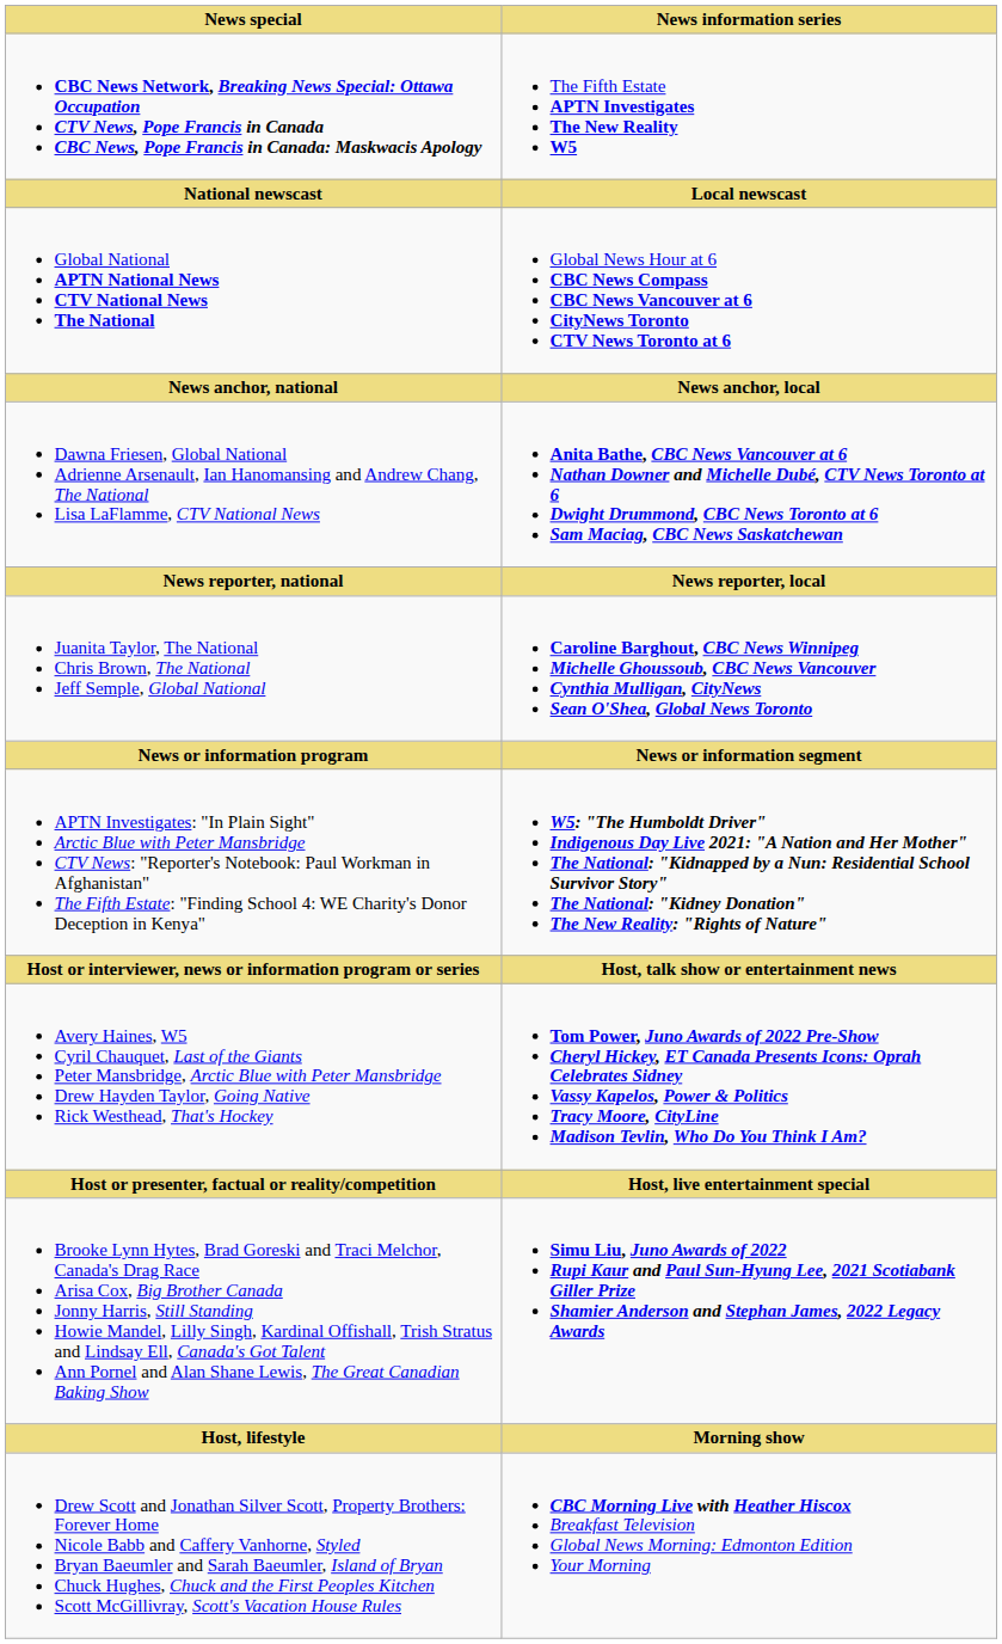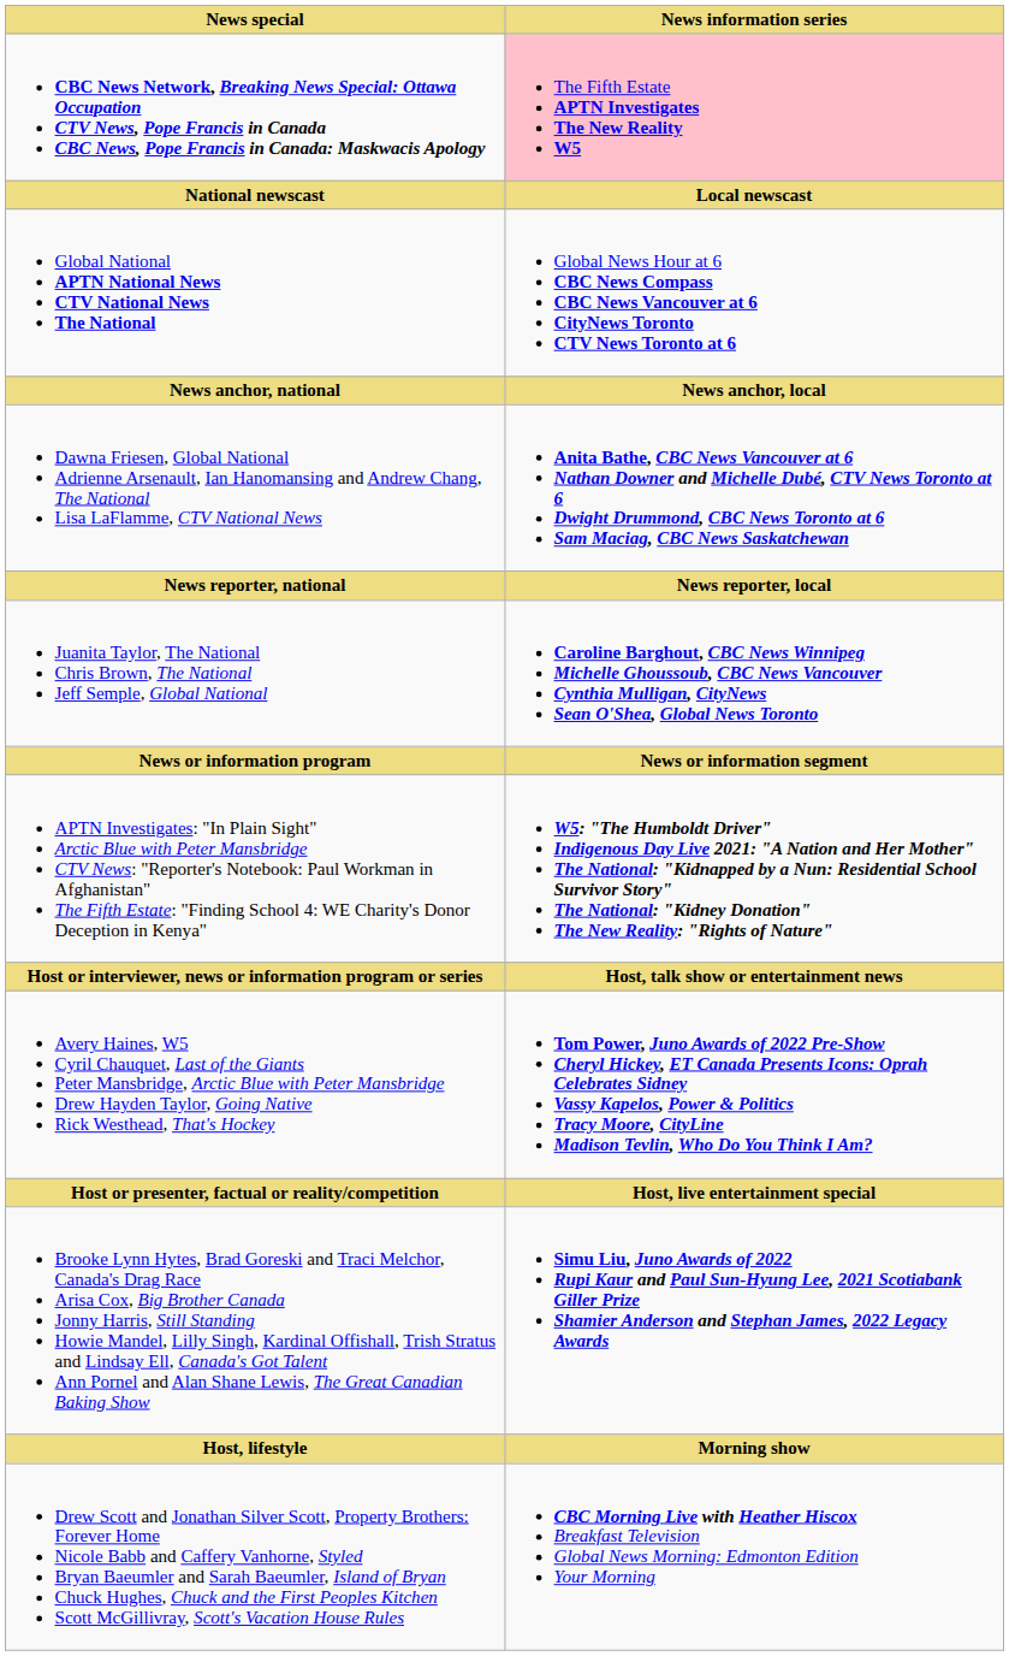 <table class=wikitable width="100%">
 <tr>
 <th style="background:#EEDD82; width:50%">News special</th>
 <th style="background:#EEDD82; width:50%">News information series</th>
 </tr>
 <tr>
 <td valign="top"><br><ul><li> <strong><a href='#'>CBC News Network</a>, <em><a href='#'>Breaking News Special: Ottawa Occupation</a><strong><em></li><li><a href='#'>CTV News</a>, </em><a href='#'>Pope Francis</a> in Canada<em></li><li><a href='#'>CBC News</a>, </em><a href='#'>Pope Francis</a> in Canada: Maskwacis Apology<em></li></ul></td>
-<td valign="top"><br><ul><li> </em></strong><a href='#'>The Fifth Estate</a><strong><em></li><li></em><a href='#'>APTN Investigates</a><em></li><li></em><a href='#'>The New Reality</a><em></li><li></em><a href='#'>W5</a><em></li></ul></td>
+<td valign="top" style="background: pink;"><br><ul><li> </em></strong><a href='#'>The Fifth Estate</a><strong><em></li><li></em><a href='#'>APTN Investigates</a><em></li><li></em><a href='#'>The New Reality</a><em></li><li></em><a href='#'>W5</a><em></li></ul></td>
 </tr>
 <tr>
 <th style="background:#EEDD82; width:50%">National newscast</th>
 <th style="background:#EEDD82; width:50%">Local newscast</th>
 </tr>
 <tr>
 <td valign="top"><br><ul><li> </em></strong><a href='#'>Global National</a><strong><em></li><li></em><a href='#'>APTN National News</a><em></li><li></em><a href='#'>CTV National News</a><em></li><li></em><a href='#'>The National</a><em></li></ul></td>
 <td valign="top"><br><ul><li> </em></strong><a href='#'>Global News Hour at 6</a><strong><em></li><li></em><a href='#'>CBC News Compass</a><em></li><li></em><a href='#'>CBC News Vancouver at 6</a><em></li><li></em><a href='#'>CityNews Toronto</a><em></li><li></em><a href='#'>CTV News Toronto at 6</a><em></li></ul></td>
 </tr>
 <tr>
 <th style="background:#EEDD82; width:50%">News anchor, national</th>
 <th style="background:#EEDD82; width:50%">News anchor, local</th>
 </tr>
 <tr>
 <td valign="top"><br><ul><li> </strong><a href='#'>Dawna Friesen</a>, </em><a href='#'>Global National</a></em></strong></li><li><a href='#'>Adrienne Arsenault</a>, <a href='#'>Ian Hanomansing</a> and <a href='#'>Andrew Chang</a>, <em><a href='#'>The National</a></em></li><li><a href='#'>Lisa LaFlamme</a>, <em><a href='#'>CTV National News</a></em></li></ul></td>
 <td valign="top"><br><ul><li> <strong><a href='#'>Anita Bathe</a>, <em><a href='#'>CBC News Vancouver at 6</a><strong><em></li><li><a href='#'>Nathan Downer</a> and <a href='#'>Michelle Dubé</a>, </em><a href='#'>CTV News Toronto at 6</a><em></li><li><a href='#'>Dwight Drummond</a>, </em><a href='#'>CBC News Toronto at 6</a><em></li><li><a href='#'>Sam Maciag</a>, </em><a href='#'>CBC News Saskatchewan</a><em></li></ul></td>
 </tr>
 <tr>
 <th style="background:#EEDD82; width:50%">News reporter, national</th>
 <th style="background:#EEDD82; width:50%">News reporter, local</th>
 </tr>
 <tr>
 <td valign="top"><br><ul><li> </strong><a href='#'>Juanita Taylor</a>, </em><a href='#'>The National</a></em></strong></li><li><a href='#'>Chris Brown</a>, <em><a href='#'>The National</a></em></li><li><a href='#'>Jeff Semple</a>, <em><a href='#'>Global National</a></em></li></ul></td>
 <td valign="top"><br><ul><li> <strong><a href='#'>Caroline Barghout</a>, <em><a href='#'>CBC News Winnipeg</a><strong><em></li><li><a href='#'>Michelle Ghoussoub</a>, </em><a href='#'>CBC News Vancouver</a><em></li><li><a href='#'>Cynthia Mulligan</a>, </em><a href='#'>CityNews</a><em></li><li><a href='#'>Sean O'Shea</a>, </em><a href='#'>Global News Toronto</a><em></li></ul></td>
 </tr>
 <tr>
 <th style="background:#EEDD82; width:50%">News or information program</th>
 <th style="background:#EEDD82; width:50%">News or information segment</th>
 </tr>
 <tr>
 <td valign="top"><br><ul><li> </em></strong><a href='#'>APTN Investigates</a></em>: "In Plain Sight"</strong></li><li><em><a href='#'>Arctic Blue with Peter Mansbridge</a></em></li><li><em><a href='#'>CTV News</a></em>: "Reporter's Notebook: Paul Workman in Afghanistan"</li><li><em><a href='#'>The Fifth Estate</a></em>: "Finding School 4: WE Charity's Donor Deception in Kenya"</li></ul></td>
 <td valign="top"><br><ul><li> <strong><em><a href='#'>W5</a><em>: "The Humboldt Driver"<strong></li><li></em><a href='#'>Indigenous Day Live</a> 2021<em>: "A Nation and Her Mother"</li><li></em><a href='#'>The National</a><em>: "Kidnapped by a Nun: Residential School Survivor Story"</li><li></em><a href='#'>The National</a><em>: "Kidney Donation"</li><li></em><a href='#'>The New Reality</a><em>: "Rights of Nature"</li></ul></td>
 </tr>
 <tr>
 <th style="background:#EEDD82; width:50%">Host or interviewer, news or information program or series</th>
 <th style="background:#EEDD82; width:50%">Host, talk show or entertainment news</th>
 </tr>
 <tr>
 <td valign="top"><br><ul><li> </strong><a href='#'>Avery Haines</a>, </em><a href='#'>W5</a></em></strong></li><li><a href='#'>Cyril Chauquet</a>, <em><a href='#'>Last of the Giants</a></em></li><li><a href='#'>Peter Mansbridge</a>, <em><a href='#'>Arctic Blue with Peter Mansbridge</a></em></li><li><a href='#'>Drew Hayden Taylor</a>, <em><a href='#'>Going Native</a></em></li><li><a href='#'>Rick Westhead</a>, <em><a href='#'>That's Hockey</a></em></li></ul></td>
 <td valign="top"><br><ul><li> <strong><a href='#'>Tom Power</a>, <em><a href='#'>Juno Awards of 2022 Pre-Show</a><strong><em></li><li><a href='#'>Cheryl Hickey</a>, </em><a href='#'>ET Canada Presents Icons: Oprah Celebrates Sidney</a><em></li><li><a href='#'>Vassy Kapelos</a>, </em><a href='#'>Power & Politics</a><em></li><li><a href='#'>Tracy Moore</a>, </em><a href='#'>CityLine</a><em></li><li><a href='#'>Madison Tevlin</a>, </em><a href='#'>Who Do You Think I Am?</a><em></li></ul></td>
 </tr>
 <tr>
 <th style="background:#EEDD82; width:50%">Host or presenter, factual or reality/competition</th>
 <th style="background:#EEDD82; width:50%">Host, live entertainment special</th>
 </tr>
 <tr>
 <td valign="top"><br><ul><li> </strong><a href='#'>Brooke Lynn Hytes</a>, <a href='#'>Brad Goreski</a> and <a href='#'>Traci Melchor</a>, </em><a href='#'>Canada's Drag Race</a></em></strong></li><li><a href='#'>Arisa Cox</a>, <em><a href='#'>Big Brother Canada</a></em></li><li><a href='#'>Jonny Harris</a>, <em><a href='#'>Still Standing</a></em></li><li><a href='#'>Howie Mandel</a>, <a href='#'>Lilly Singh</a>, <a href='#'>Kardinal Offishall</a>, <a href='#'>Trish Stratus</a> and <a href='#'>Lindsay Ell</a>, <em><a href='#'>Canada's Got Talent</a></em></li><li><a href='#'>Ann Pornel</a> and <a href='#'>Alan Shane Lewis</a>, <em><a href='#'>The Great Canadian Baking Show</a></em></li></ul></td>
 <td valign="top"><br><ul><li> <strong><a href='#'>Simu Liu</a>, <em><a href='#'>Juno Awards of 2022</a><strong><em></li><li><a href='#'>Rupi Kaur</a> and <a href='#'>Paul Sun-Hyung Lee</a>, </em><a href='#'>2021 Scotiabank Giller Prize</a><em></li><li><a href='#'>Shamier Anderson</a> and <a href='#'>Stephan James</a>, </em><a href='#'>2022 Legacy Awards</a><em></li></ul></td>
 </tr>
 <tr>
 <th style="background:#EEDD82; width:50%">Host, lifestyle</th>
 <th style="background:#EEDD82; width:50%">Morning show</th>
 </tr>
 <tr>
 <td valign="top"><br><ul><li> </strong><a href='#'>Drew Scott</a> and <a href='#'>Jonathan Silver Scott</a>, </em><a href='#'>Property Brothers: Forever Home</a></em></strong></li><li><a href='#'>Nicole Babb</a> and <a href='#'>Caffery Vanhorne</a>, <em><a href='#'>Styled</a></em></li><li><a href='#'>Bryan Baeumler</a> and <a href='#'>Sarah Baeumler</a>, <em><a href='#'>Island of Bryan</a></em></li><li><a href='#'>Chuck Hughes</a>, <em><a href='#'>Chuck and the First Peoples Kitchen</a></em></li><li><a href='#'>Scott McGillivray</a>, <em><a href='#'>Scott's Vacation House Rules</a></em></li></ul></td>
 <td valign="top"><br><ul><li> <strong><em><a href='#'>CBC Morning Live</a> with <a href='#'>Heather Hiscox</a></em></strong></li><li><em><a href='#'>Breakfast Television</a></em></li><li><em><a href='#'>Global News Morning: Edmonton Edition</a></em></li><li><em><a href='#'>Your Morning</a></em></li></ul></td>
 </tr>
 </table>
